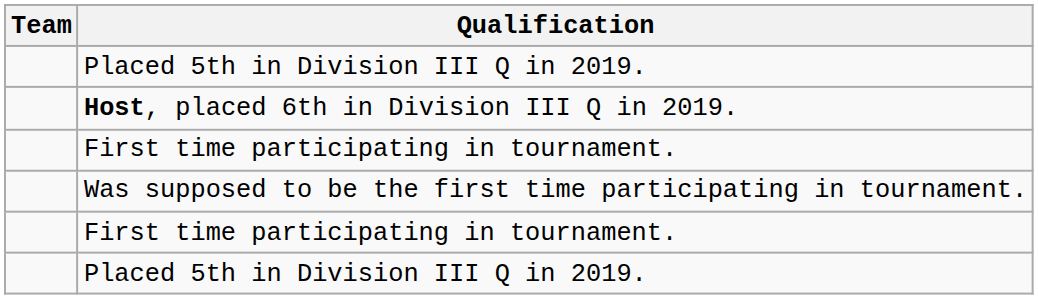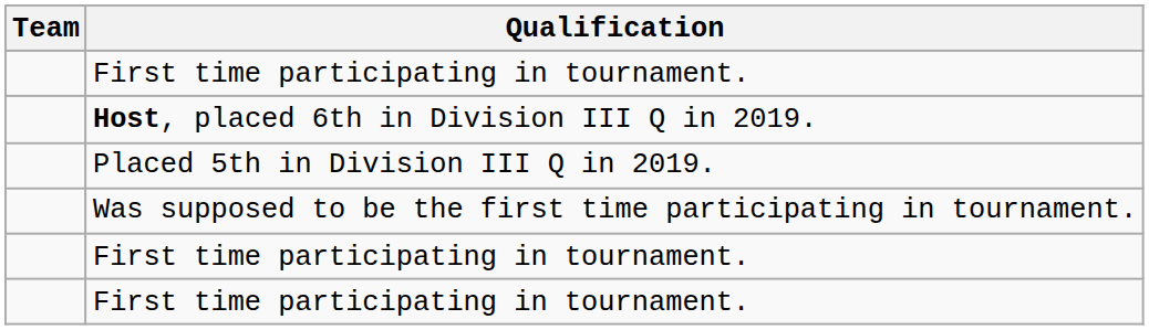 <table class="wikitable">
 <tr>
 <th>Team</th>
 <th>Qualification</th>
 </tr>
 <tr>
 <td></td>
-<td>Placed 5th in Division III Q in 2019.</td>
+<td>First time participating in tournament.</td>
 </tr>
 <tr>
 <td></td>
 <td><strong>Host</strong>, placed 6th in Division III Q in 2019.</td>
 </tr>
 <tr>
 <td></td>
-<td>First time participating in tournament.</td>
+<td>Placed 5th in Division III Q in 2019.</td>
 </tr>
 <tr>
 <td><s></s></td>
 <td>Was supposed to be the first time participating in tournament.</td>
 </tr>
 <tr>
 <td></td>
 <td>First time participating in tournament.</td>
 </tr>
 <tr>
 <td></td>
-<td>Placed 5th in Division III Q in 2019.</td>
+<td>First time participating in tournament.</td>
 </tr>
 </table>
